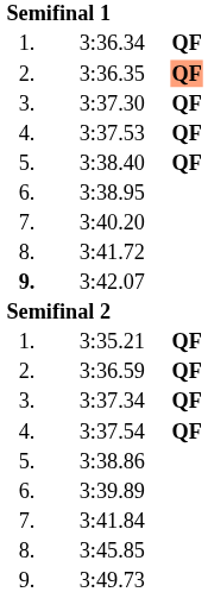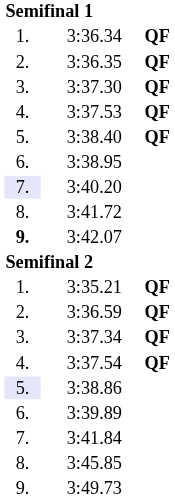 <table style="text-align:center">
 <tr>
 <td colspan=4 align=left><strong>Semifinal 1</strong></td>
 </tr>
 <tr>
 <td width=30>1.</td>
 <td align=left></td>
 <td width=80>3:36.34</td>
 <td><strong>QF</strong></td>
 </tr>
 <tr>
 <td>2.</td>
 <td align=left></td>
 <td>3:36.35</td>
-<td style="background: lightsalmon;"><strong>QF</strong></td>
+<td><strong>QF</strong></td>
 </tr>
 <tr>
 <td>3.</td>
 <td align=left></td>
 <td>3:37.30</td>
 <td><strong>QF</strong></td>
 </tr>
 <tr>
 <td>4.</td>
 <td align=left></td>
 <td>3:37.53</td>
 <td><strong>QF</strong></td>
 </tr>
 <tr>
 <td>5.</td>
 <td align=left></td>
 <td>3:38.40</td>
 <td><strong>QF</strong></td>
 </tr>
 <tr>
 <td>6.</td>
 <td align=left></td>
 <td>3:38.95</td>
 <td></td>
 </tr>
 <tr>
-<td>7.</td>
+<td style="background: lavender;">7.</td>
 <td align=left></td>
 <td>3:40.20</td>
 <td></td>
 </tr>
 <tr>
 <td>8.</td>
 <td align=left></td>
 <td>3:41.72</td>
 <td></td>
 </tr>
 <tr>
 <td><strong>9.</strong></td>
 <td align=left></td>
 <td>3:42.07</td>
 <td></td>
 </tr>
 <tr>
 <td colspan=4 align=left><strong>Semifinal 2</strong></td>
 </tr>
 <tr>
 <td>1.</td>
 <td align=left></td>
 <td>3:35.21</td>
 <td><strong>QF</strong></td>
 </tr>
 <tr>
 <td>2.</td>
 <td align=left></td>
 <td>3:36.59</td>
 <td><strong>QF</strong></td>
 </tr>
 <tr>
 <td>3.</td>
 <td align=left></td>
 <td>3:37.34</td>
 <td><strong>QF</strong></td>
 </tr>
 <tr>
 <td>4.</td>
 <td align=left></td>
 <td>3:37.54</td>
 <td><strong>QF</strong></td>
 </tr>
 <tr>
-<td>5.</td>
+<td style="background: lavender;">5.</td>
 <td align=left></td>
 <td>3:38.86</td>
 <td></td>
 </tr>
 <tr>
 <td>6.</td>
 <td align=left></td>
 <td>3:39.89</td>
 <td></td>
 </tr>
 <tr>
 <td>7.</td>
 <td align=left></td>
 <td>3:41.84</td>
 <td></td>
 </tr>
 <tr>
 <td>8.</td>
 <td align=left></td>
 <td>3:45.85</td>
 <td></td>
 </tr>
 <tr>
 <td>9.</td>
 <td align=left></td>
 <td>3:49.73</td>
 <td></td>
 </tr>
 </table>
